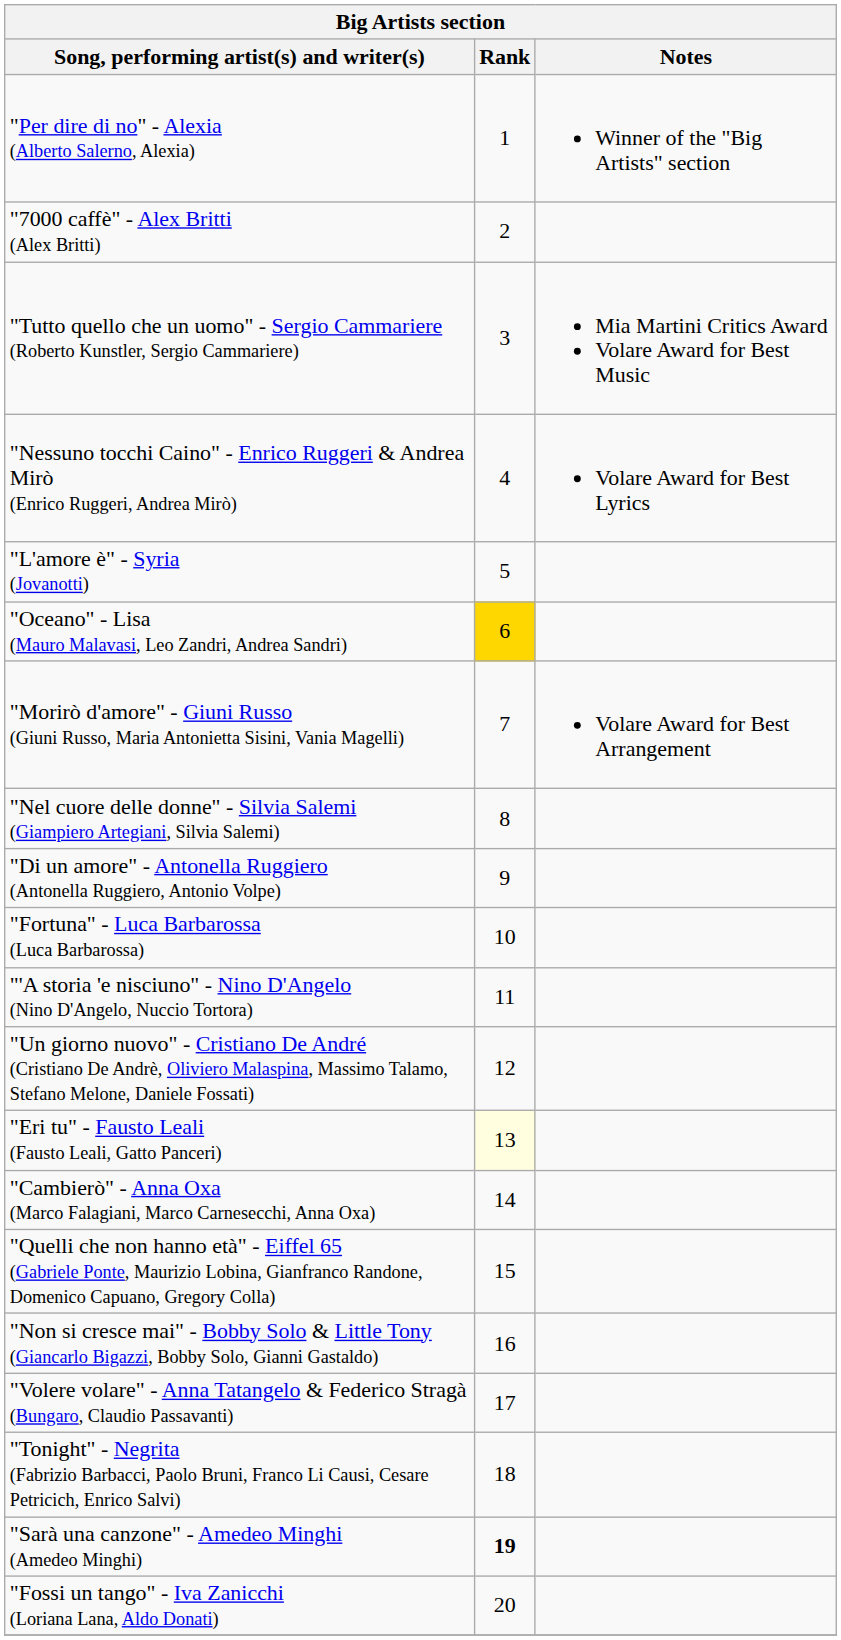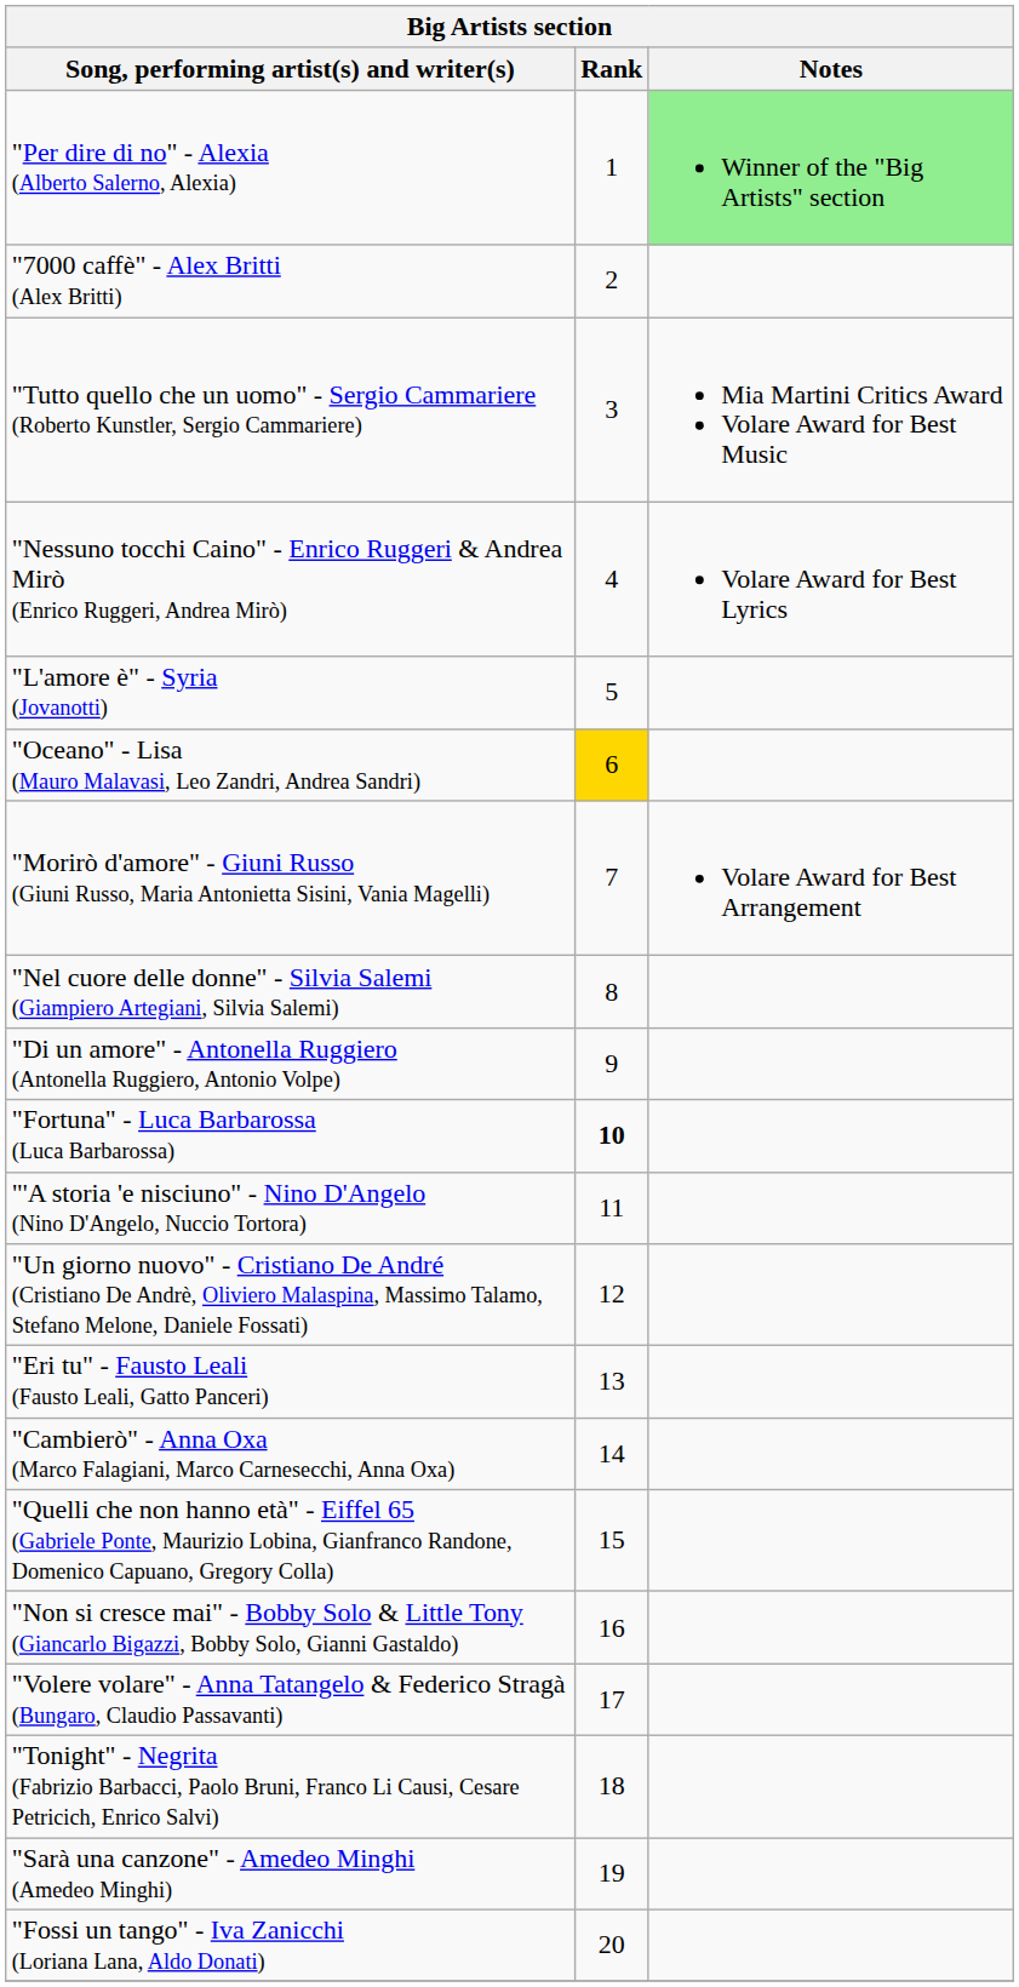 <table class="plainrowheaders wikitable">
 <tr>
 <th colspan="3">Big Artists section </th>
 </tr>
 <tr>
 <th>Song, performing artist(s) and writer(s)</th>
 <th>Rank</th>
 <th>Notes</th>
 </tr>
 <tr>
 <td>"<a href='#'>Per dire di no</a>" - <a href='#'>Alexia</a><br><small>  	(<a href='#'>Alberto Salerno</a>, Alexia)</small></td>
 <td align="center">1</td>
-<td><br><ul><li>Winner of the "Big Artists" section</li></ul></td>
+<td style="background: lightgreen;"><br><ul><li>Winner of the "Big Artists" section</li></ul></td>
 </tr>
 <tr>
 <td>"7000 caffè" -  <a href='#'>Alex Britti</a><br><small>  	 	(Alex Britti)</small></td>
 <td align="center">2</td>
 <td></td>
 </tr>
 <tr>
 <td>"Tutto quello che un uomo" -  <a href='#'>Sergio Cammariere</a><br><small>  	 	 	(Roberto Kunstler, Sergio Cammariere) </small></td>
 <td align="center">3</td>
 <td><br><ul><li>Mia Martini Critics Award</li><li>Volare Award for Best Music</li></ul></td>
 </tr>
 <tr>
 <td>"Nessuno tocchi Caino" - <a href='#'>Enrico Ruggeri</a> & Andrea Mirò<br> <small>   	 	(Enrico Ruggeri, Andrea Mirò)</small></td>
 <td align="center">4</td>
 <td><br><ul><li>Volare Award for Best Lyrics</li></ul></td>
 </tr>
 <tr>
 <td>"L'amore è" - <a href='#'>Syria</a>	<br> <small>  	 	(<a href='#'>Jovanotti</a>)</small></td>
 <td align="center">5</td>
 <td></td>
 </tr>
 <tr>
 <td>"Oceano" - Lisa<br><small>  	 	 	(<a href='#'>Mauro Malavasi</a>, Leo Zandri, Andrea Sandri)</small></td>
 <td align="center" style="background: gold;">6</td>
 <td></td>
 </tr>
 <tr>
 <td>"Morirò d'amore" -  <a href='#'>Giuni Russo</a><br> <small>  	 	 	(Giuni Russo, Maria Antonietta Sisini, Vania Magelli) 	 </small></td>
 <td align="center">7</td>
 <td><br><ul><li>Volare Award for Best Arrangement</li></ul></td>
 </tr>
 <tr>
 <td>"Nel cuore delle donne" - <a href='#'>Silvia Salemi</a><br><small>  	 	(<a href='#'>Giampiero Artegiani</a>, Silvia Salemi) 	 </small></td>
 <td align="center">8</td>
 <td></td>
 </tr>
 <tr>
 <td>"Di un amore" - <a href='#'>Antonella Ruggiero</a><br><small>  	(Antonella Ruggiero, Antonio Volpe) 	 </small></td>
 <td align="center">9</td>
 <td></td>
 </tr>
 <tr>
 <td>"Fortuna" - <a href='#'>Luca Barbarossa</a> <br><small>   	(Luca Barbarossa) 	 </small></td>
-<td align="center">10</td>
+<td align="center"><strong>10</strong></td>
 <td></td>
 </tr>
 <tr>
 <td>"'A storia 'e nisciuno" -  <a href='#'>Nino D'Angelo</a><br>  <small>  	 	(Nino D'Angelo, Nuccio Tortora) 	</small></td>
 <td align="center">11</td>
 <td></td>
 </tr>
 <tr>
 <td>"Un giorno nuovo" - <a href='#'>Cristiano De André</a><br> <small> 	 	(Cristiano De Andrè, <a href='#'>Oliviero Malaspina</a>, Massimo Talamo, Stefano Melone, Daniele Fossati) 	 </small></td>
 <td align="center">12</td>
 <td></td>
 </tr>
 <tr>
 <td>"Eri tu" - <a href='#'>Fausto Leali</a><br><small>  	 	(Fausto Leali, Gatto Panceri) 	  </small></td>
-<td align="center" style="background: lightyellow;">13</td>
+<td align="center">13</td>
 <td></td>
 </tr>
 <tr>
 <td>"Cambierò" -  <a href='#'>Anna Oxa</a><br><small>  	 	 	(Marco Falagiani, Marco Carnesecchi, Anna Oxa) 	 </small></td>
 <td align="center">14</td>
 <td></td>
 </tr>
 <tr>
 <td>"Quelli che non hanno età" - <a href='#'>Eiffel 65</a> <br><small>   	 	(<a href='#'>Gabriele Ponte</a>, Maurizio Lobina, Gianfranco Randone, Domenico Capuano, Gregory Colla) 	 </small></td>
 <td align="center">15</td>
 <td></td>
 </tr>
 <tr>
 <td>"Non si cresce mai" -  <a href='#'>Bobby Solo</a> & <a href='#'>Little Tony</a><br><small>  	 	(<a href='#'>Giancarlo Bigazzi</a>, Bobby Solo, Gianni Gastaldo) 		 </small></td>
 <td align="center">16</td>
 <td></td>
 </tr>
 <tr>
 <td>"Volere volare" -  <a href='#'>Anna Tatangelo</a> &  Federico Stragà<br><small>	(<a href='#'>Bungaro</a>, Claudio Passavanti) 	 </small></td>
 <td align="center">17</td>
 <td></td>
 </tr>
 <tr>
 <td>"Tonight" -  <a href='#'>Negrita</a><br><small> 	(Fabrizio Barbacci, Paolo Bruni, Franco Li Causi, Cesare Petricich, Enrico Salvi) 	 </small></td>
 <td align="center">18</td>
 <td></td>
 </tr>
 <tr>
 <td>"Sarà una canzone" -  <a href='#'>Amedeo Minghi</a> <br><small> 	 	 	(Amedeo Minghi) 	 </small></td>
-<td align="center"><strong>19</strong></td>
+<td align="center">19</td>
 <td></td>
 </tr>
 <tr>
 <td>"Fossi un tango" -  <a href='#'>Iva Zanicchi</a><br><small>  	(Loriana Lana, <a href='#'>Aldo Donati</a>) 	 </small></td>
 <td align="center">20</td>
 <td></td>
 </tr>
 <tr>
 </tr>
 </table>
